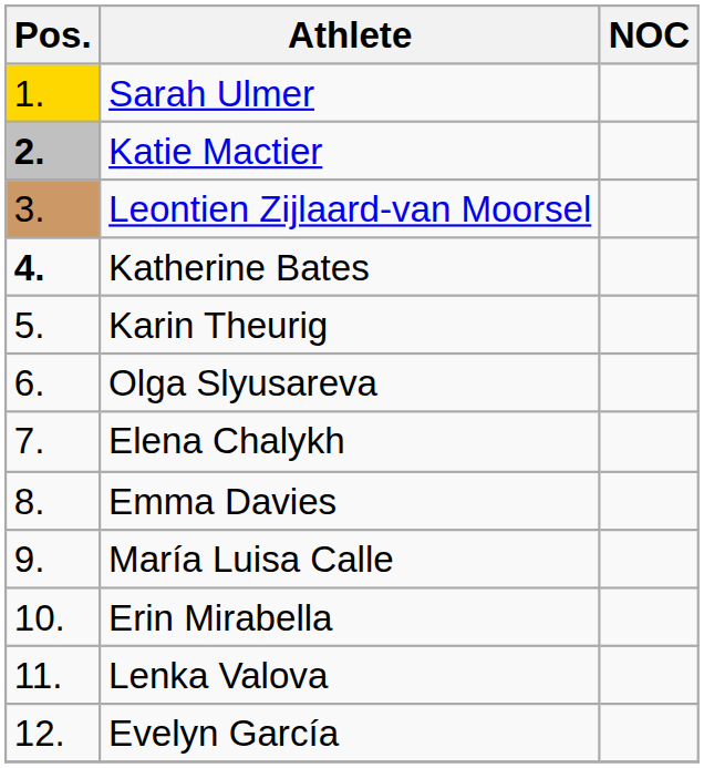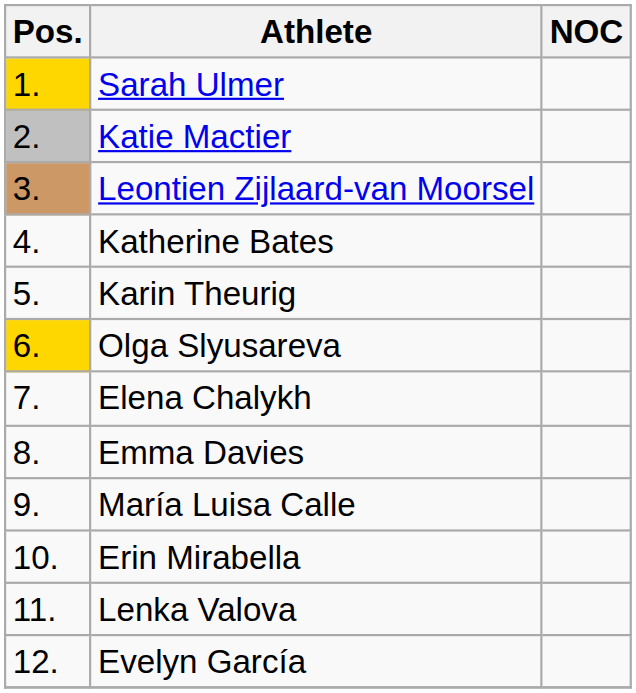 <table class="wikitable sortable" style="font-size:95%;">
 <tr>
 <th>Pos.</th>
 <th>Athlete</th>
 <th>NOC</th>
 </tr>
 <tr>
 <td bgcolor="gold">1.</td>
 <td><a href='#'>Sarah Ulmer</a></td>
 <td></td>
 </tr>
 <tr>
-<td bgcolor="silver"><strong>2.</strong></td>
+<td bgcolor="silver">2.</td>
 <td><a href='#'>Katie Mactier</a></td>
 <td></td>
 </tr>
 <tr>
 <td bgcolor="CC9966">3.</td>
 <td><a href='#'>Leontien Zijlaard-van Moorsel</a></td>
 <td></td>
 </tr>
 <tr>
-<td><strong>4.</strong></td>
+<td>4.</td>
 <td>Katherine Bates</td>
 <td></td>
 </tr>
 <tr>
 <td>5.</td>
 <td>Karin Theurig</td>
 <td></td>
 </tr>
 <tr>
-<td>6.</td>
+<td style="background: gold;">6.</td>
 <td>Olga Slyusareva</td>
 <td></td>
 </tr>
 <tr>
 <td>7.</td>
 <td>Elena Chalykh</td>
 <td></td>
 </tr>
 <tr>
 <td>8.</td>
 <td>Emma Davies</td>
 <td></td>
 </tr>
 <tr>
 <td>9.</td>
 <td>María Luisa Calle</td>
 <td></td>
 </tr>
 <tr>
 <td>10.</td>
 <td>Erin Mirabella</td>
 <td></td>
 </tr>
 <tr>
 <td>11.</td>
 <td>Lenka Valova</td>
 <td></td>
 </tr>
 <tr>
 <td>12.</td>
 <td>Evelyn García</td>
 <td></td>
 </tr>
 <tr>
 </tr>
 </table>
